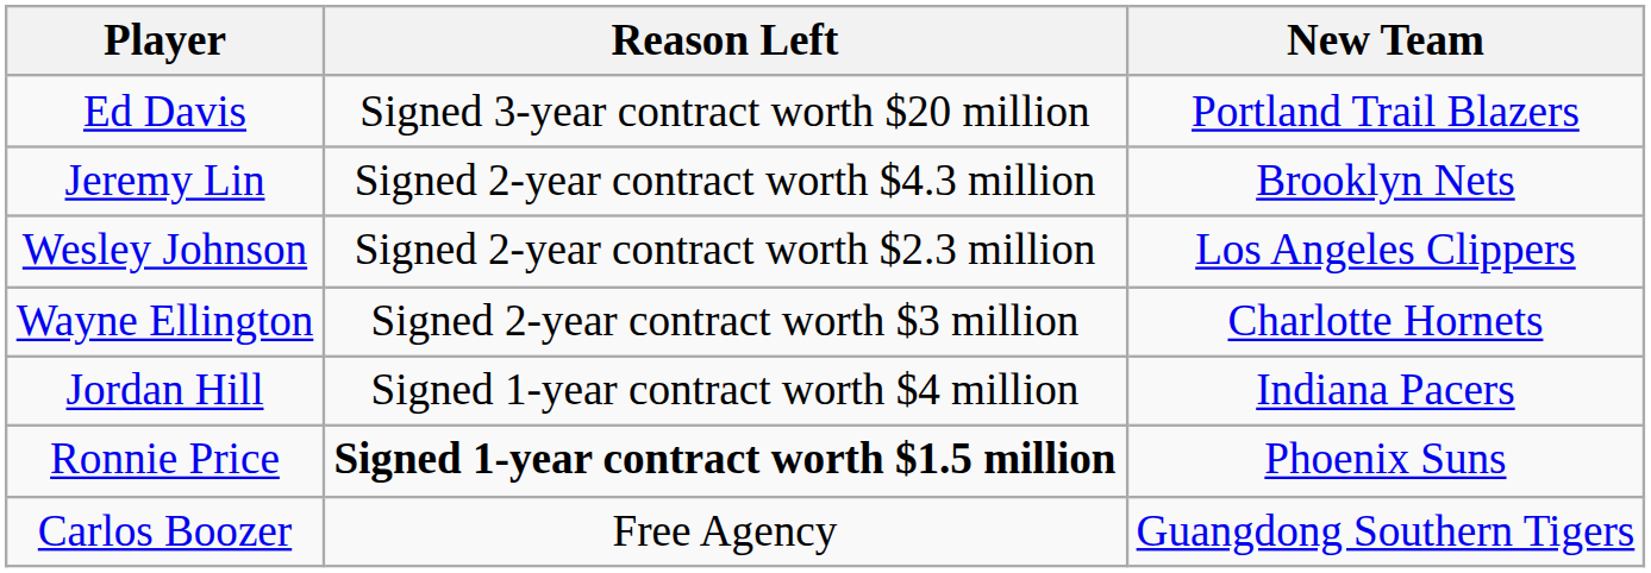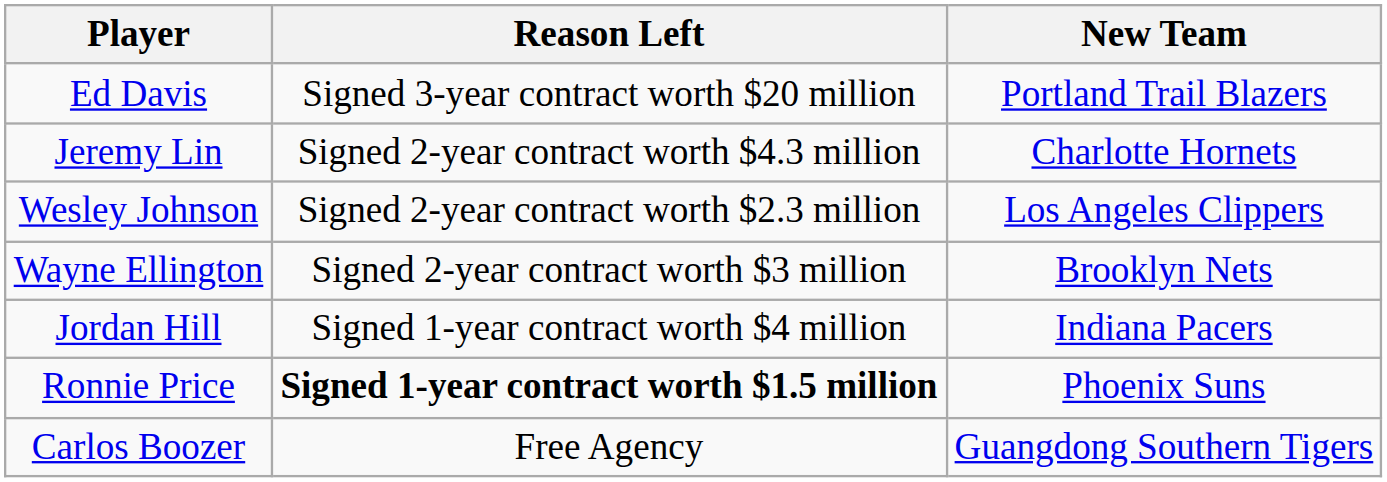 <table class="wikitable sortable sortable">
 <tr>
 <th>Player</th>
 <th>Reason Left</th>
 <th>New Team</th>
 </tr>
 <tr style="text-align: center">
 <td><a href='#'>Ed Davis</a></td>
 <td>Signed 3-year contract worth $20 million</td>
 <td><a href='#'>Portland Trail Blazers</a></td>
 </tr>
 <tr style="text-align: center">
 <td><a href='#'>Jeremy Lin</a></td>
 <td>Signed 2-year contract worth $4.3 million</td>
-<td><a href='#'>Brooklyn Nets</a></td>
+<td><a href='#'>Charlotte Hornets</a></td>
 </tr>
 <tr style="text-align: center">
 <td><a href='#'>Wesley Johnson</a></td>
 <td>Signed 2-year contract worth $2.3 million</td>
 <td><a href='#'>Los Angeles Clippers</a></td>
 </tr>
 <tr style="text-align: center">
 <td><a href='#'>Wayne Ellington</a></td>
 <td>Signed 2-year contract worth $3 million</td>
-<td><a href='#'>Charlotte Hornets</a></td>
+<td><a href='#'>Brooklyn Nets</a></td>
 </tr>
 <tr style="text-align: center">
 <td><a href='#'>Jordan Hill</a></td>
 <td>Signed 1-year contract worth $4 million</td>
 <td><a href='#'>Indiana Pacers</a></td>
 </tr>
 <tr style="text-align: center">
 <td><a href='#'>Ronnie Price</a></td>
 <td><strong>Signed 1-year contract worth $1.5 million</strong></td>
 <td><a href='#'>Phoenix Suns</a></td>
 </tr>
 <tr style="text-align: center">
 <td><a href='#'>Carlos Boozer</a></td>
 <td>Free Agency</td>
 <td> <a href='#'>Guangdong Southern Tigers</a></td>
 </tr>
 </table>
